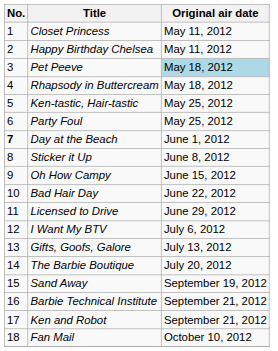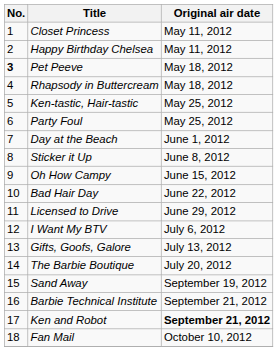 <table class="wikitable">
 <tr>
 <th>No.</th>
 <th>Title</th>
 <th>Original air date</th>
 </tr>
 <tr>
 <td>1</td>
 <td><em>Closet Princess</em></td>
 <td>May 11, 2012</td>
 </tr>
 <tr>
 <td>2</td>
 <td><em>Happy Birthday Chelsea</em></td>
 <td>May 11, 2012</td>
 </tr>
 <tr>
-<td>3</td>
+<td><strong>3</strong></td>
 <td><em>Pet Peeve</em></td>
-<td style="background: lightblue;">May 18, 2012</td>
+<td>May 18, 2012</td>
 </tr>
 <tr>
 <td>4</td>
 <td><em>Rhapsody in Buttercream</em></td>
 <td>May 18, 2012</td>
 </tr>
 <tr>
 <td>5</td>
 <td><em>Ken-tastic, Hair-tastic</em></td>
 <td>May 25, 2012</td>
 </tr>
 <tr>
 <td>6</td>
 <td><em>Party Foul</em></td>
 <td>May 25, 2012</td>
 </tr>
 <tr>
-<td><strong>7</strong></td>
+<td>7</td>
 <td><em>Day at the Beach</em></td>
 <td>June 1, 2012</td>
 </tr>
 <tr>
 <td>8</td>
 <td><em>Sticker it Up</em></td>
 <td>June 8, 2012</td>
 </tr>
 <tr>
 <td>9</td>
 <td><em>Oh How Campy</em></td>
 <td>June 15, 2012</td>
 </tr>
 <tr>
 <td>10</td>
 <td><em>Bad Hair Day</em></td>
 <td>June 22, 2012</td>
 </tr>
 <tr>
 <td>11</td>
 <td><em>Licensed to Drive</em></td>
 <td>June 29, 2012</td>
 </tr>
 <tr>
 <td>12</td>
 <td><em>I Want My BTV</em></td>
 <td>July 6, 2012</td>
 </tr>
 <tr>
 <td>13</td>
 <td><em>Gifts, Goofs, Galore</em></td>
 <td>July 13, 2012</td>
 </tr>
 <tr>
 <td>14</td>
 <td><em>The Barbie Boutique</em></td>
 <td>July 20, 2012</td>
 </tr>
 <tr>
 <td>15</td>
 <td><em>Sand Away</em></td>
 <td>September 19, 2012</td>
 </tr>
 <tr>
 <td>16</td>
 <td><em>Barbie Technical Institute</em></td>
 <td>September 21, 2012</td>
 </tr>
 <tr>
 <td>17</td>
 <td><em>Ken and Robot</em></td>
-<td>September 21, 2012</td>
+<td><strong>September 21, 2012</strong></td>
 </tr>
 <tr>
 <td>18</td>
 <td><em>Fan Mail</em></td>
 <td>October 10, 2012</td>
 </tr>
 <tr>
 </tr>
 </table>
